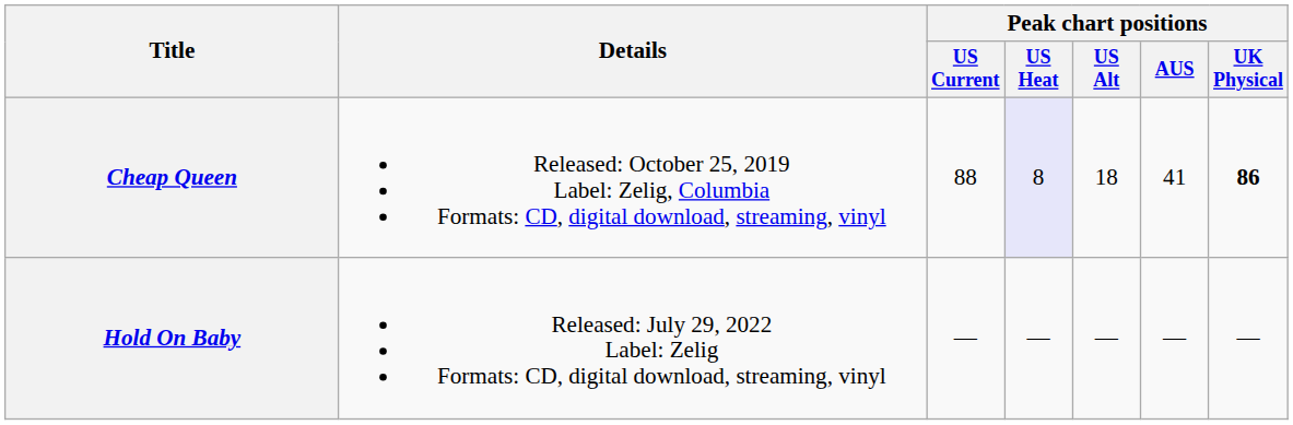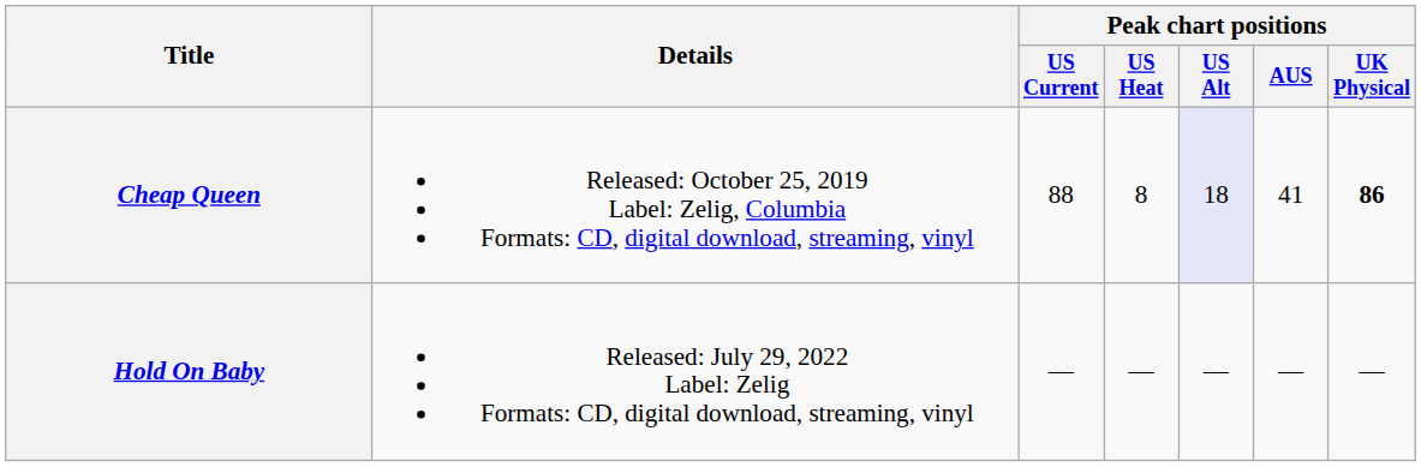 <table class="wikitable plainrowheaders" style="text-align:center;">
 <tr>
 <th scope="col" rowspan="2" style="width:14em;">Title</th>
 <th scope="col" rowspan="2" style="width:25em;">Details</th>
 <th colspan="5">Peak chart positions</th>
 </tr>
 <tr>
 <th scope="col" style="width:3em;font-size:85%;"><a href='#'>US<br>Current</a><br></th>
 <th scope="col" style="width:3em;font-size:85%;"><a href='#'>US<br>Heat</a><br></th>
 <th scope="col" style="width:3em;font-size:85%;"><a href='#'>US<br>Alt</a><br></th>
 <th scope="col" style="width:3em;font-size:85%;"><a href='#'>AUS</a><br></th>
 <th scope="col" style="width:3em;font-size:85%;"><a href='#'>UK<br>Physical</a><br></th>
 </tr>
 <tr>
 <th scope="row"><em><a href='#'>Cheap Queen</a></em></th>
 <td><br><ul><li>Released: October 25, 2019</li><li>Label: Zelig, <a href='#'>Columbia</a></li><li>Formats: <a href='#'>CD</a>, <a href='#'>digital download</a>, <a href='#'>streaming</a>, <a href='#'>vinyl</a></li></ul></td>
 <td>88</td>
-<td style="background: lavender;">8</td>
-<td>18</td>
+<td>8</td>
+<td style="background: lavender;">18</td>
 <td>41</td>
 <td><strong>86</strong></td>
 </tr>
 <tr>
 <th scope="row"><em><a href='#'>Hold On Baby</a></em></th>
 <td><br><ul><li>Released: July 29, 2022</li><li>Label: Zelig</li><li>Formats: CD, digital download, streaming, vinyl</li></ul></td>
 <td>—</td>
 <td>—</td>
 <td>—</td>
 <td>—</td>
 <td>—</td>
 </tr>
 </table>
